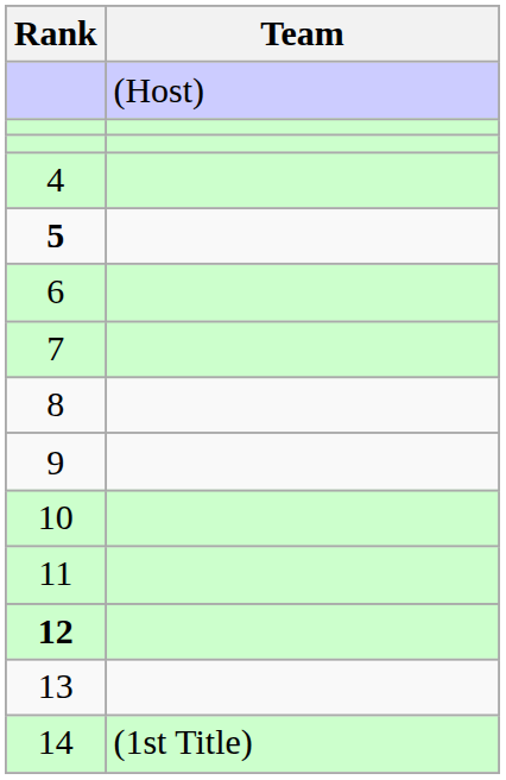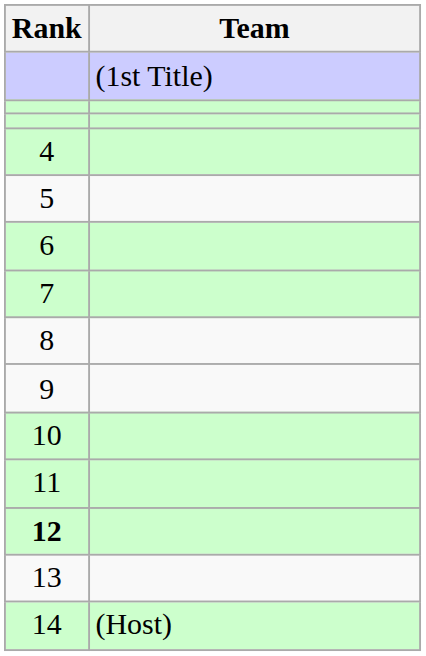 <table class="wikitable">
 <tr>
 <th>Rank</th>
 <th width=170>Team</th>
 </tr>
 <tr bgcolor=ccccff>
 <td align=center></td>
-<td> (Host)</td>
+<td> (1st Title)</td>
 </tr>
 <tr bgcolor=#ccffcc>
 <td align=center></td>
 <td></td>
 </tr>
 <tr bgcolor=#ccffcc>
 <td align=center></td>
 <td></td>
 </tr>
 <tr bgcolor=#ccffcc>
 <td align=center>4</td>
 <td></td>
 </tr>
 <tr>
-<td align=center><strong>5</strong></td>
+<td align=center>5</td>
 <td></td>
 </tr>
 <tr bgcolor=#ccffcc>
 <td align=center>6</td>
 <td></td>
 </tr>
 <tr bgcolor=#ccffcc>
 <td align=center>7</td>
 <td></td>
 </tr>
 <tr>
 <td align=center>8</td>
 <td></td>
 </tr>
 <tr>
 <td align=center>9</td>
 <td></td>
 </tr>
 <tr bgcolor=#ccffcc>
 <td align=center>10</td>
 <td></td>
 </tr>
 <tr bgcolor=#ccffcc>
 <td align=center>11</td>
 <td></td>
 </tr>
 <tr bgcolor=#ccffcc>
 <td align=center><strong>12</strong></td>
 <td></td>
 </tr>
 <tr>
 <td align=center>13</td>
 <td></td>
 </tr>
 <tr bgcolor=#ccffcc>
 <td align=center>14</td>
-<td> (1st Title)</td>
+<td> (Host)</td>
 </tr>
 </table>
